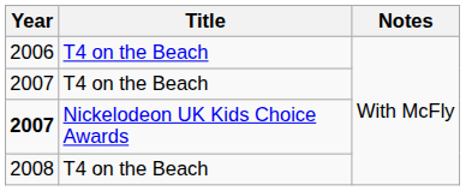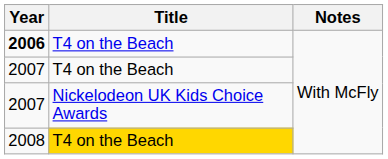 <table class="wikitable">
 <tr>
 <th>Year</th>
 <th width="230">Title</th>
 <th>Notes</th>
 </tr>
 <tr>
-<td rowspan=1>2006</td>
+<td rowspan=1><strong>2006</strong></td>
 <td><a href='#'>T4 on the Beach</a></td>
 <td rowspan="4">With McFly</td>
 </tr>
 <tr>
 <td rowspan=1>2007</td>
 <td>T4 on the Beach</td>
 </tr>
 <tr>
-<td rowspan=1><strong>2007</strong></td>
+<td rowspan=1>2007</td>
 <td><a href='#'>Nickelodeon UK Kids Choice Awards</a></td>
 </tr>
 <tr>
 <td rowspan=1>2008</td>
-<td>T4 on the Beach</td>
+<td style="background: gold;">T4 on the Beach</td>
 </tr>
 </table>
